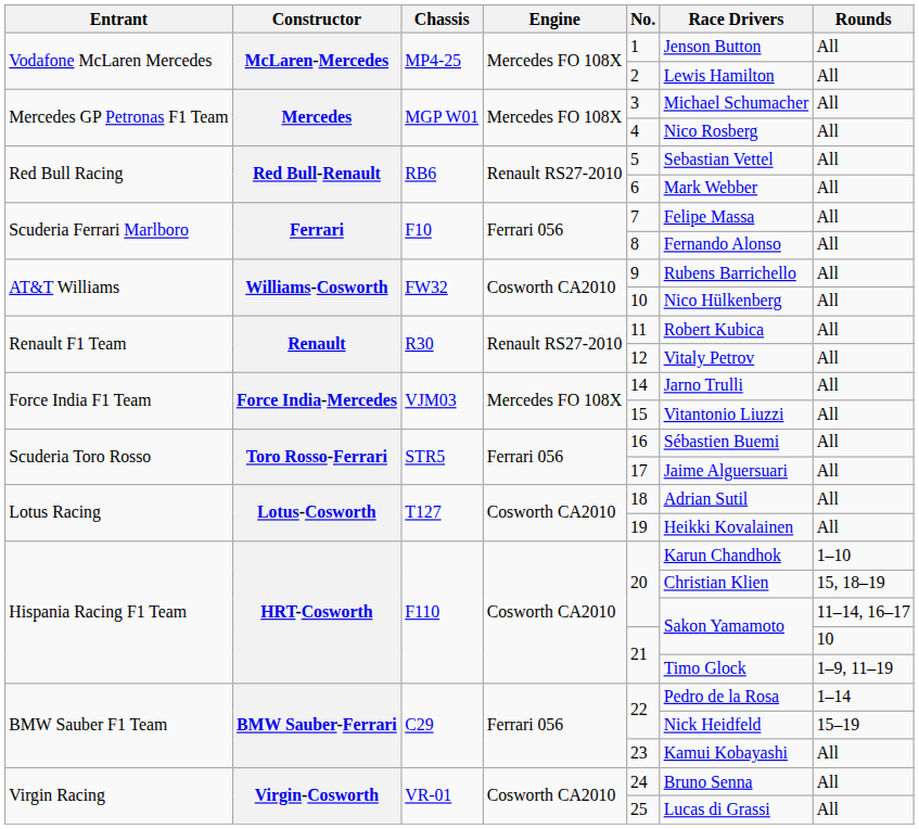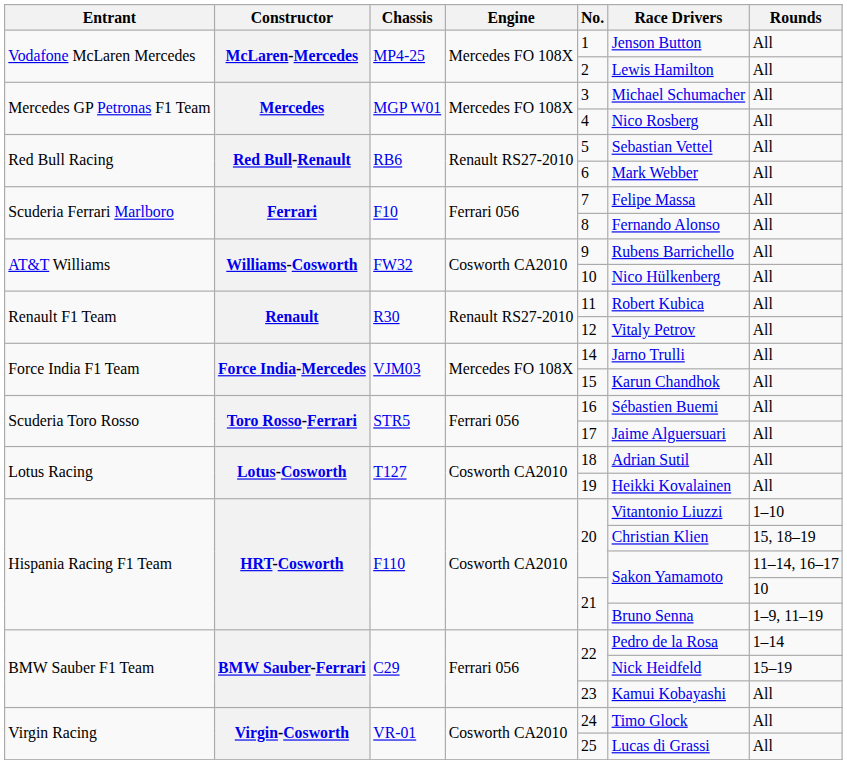 <table class="wikitable sortable" style="font-size:85%;">
 <tr>
 <th>Entrant</th>
 <th>Constructor</th>
 <th>Chassis</th>
 <th>Engine</th>
 <th>No.</th>
 <th>Race Drivers</th>
 <th>Rounds</th>
 </tr>
 <tr>
 <td rowspan=2> <a href='#'>Vodafone</a> McLaren Mercedes</td>
 <th rowspan=2><a href='#'>McLaren</a>-<a href='#'>Mercedes</a></th>
 <td rowspan=2><a href='#'>MP4-25</a></td>
 <td rowspan=2>Mercedes FO 108X</td>
 <td>1</td>
 <td> <a href='#'>Jenson Button</a></td>
 <td>All</td>
 </tr>
 <tr>
 <td>2</td>
 <td> <a href='#'>Lewis Hamilton</a></td>
 <td>All</td>
 </tr>
 <tr>
 <td rowspan=2 nowrap> Mercedes GP <a href='#'>Petronas</a> F1 Team</td>
 <th rowspan=2><a href='#'>Mercedes</a></th>
 <td rowspan=2><a href='#'>MGP W01</a></td>
 <td rowspan=2 nowrap>Mercedes FO 108X</td>
 <td>3</td>
 <td nowrap> <a href='#'>Michael Schumacher</a></td>
 <td>All</td>
 </tr>
 <tr>
 <td>4</td>
 <td> <a href='#'>Nico Rosberg</a></td>
 <td>All</td>
 </tr>
 <tr>
 <td rowspan=2> Red Bull Racing</td>
 <th rowspan=2><a href='#'>Red Bull</a>-<a href='#'>Renault</a></th>
 <td rowspan=2><a href='#'>RB6</a></td>
 <td rowspan=2>Renault RS27-2010</td>
 <td>5</td>
 <td> <a href='#'>Sebastian Vettel</a></td>
 <td>All</td>
 </tr>
 <tr>
 <td>6</td>
 <td> <a href='#'>Mark Webber</a></td>
 <td>All</td>
 </tr>
 <tr>
 <td rowspan=2> Scuderia Ferrari <a href='#'>Marlboro</a></td>
 <th rowspan=2><a href='#'>Ferrari</a></th>
 <td rowspan=2><a href='#'>F10</a></td>
 <td rowspan=2>Ferrari 056</td>
 <td>7</td>
 <td> <a href='#'>Felipe Massa</a></td>
 <td>All</td>
 </tr>
 <tr>
 <td>8</td>
 <td> <a href='#'>Fernando Alonso</a></td>
 <td>All</td>
 </tr>
 <tr>
 <td rowspan=2> <a href='#'>AT&T</a> Williams</td>
 <th rowspan=2><a href='#'>Williams</a>-<a href='#'>Cosworth</a></th>
 <td rowspan=2><a href='#'>FW32</a></td>
 <td rowspan=2>Cosworth CA2010</td>
 <td>9</td>
 <td> <a href='#'>Rubens Barrichello</a></td>
 <td>All</td>
 </tr>
 <tr>
 <td>10</td>
 <td> <a href='#'>Nico Hülkenberg</a></td>
 <td>All</td>
 </tr>
 <tr>
 <td rowspan=2> Renault F1 Team</td>
 <th rowspan=2><a href='#'>Renault</a></th>
 <td rowspan=2><a href='#'>R30</a></td>
 <td rowspan=2>Renault RS27-2010</td>
 <td>11</td>
 <td> <a href='#'>Robert Kubica</a></td>
 <td>All</td>
 </tr>
 <tr>
 <td>12</td>
 <td> <a href='#'>Vitaly Petrov</a></td>
 <td>All</td>
 </tr>
 <tr>
 <td rowspan=2> Force India F1 Team</td>
 <th rowspan=2 nowrap><a href='#'>Force India</a>-<a href='#'>Mercedes</a></th>
 <td rowspan=2><a href='#'>VJM03</a></td>
 <td rowspan=2 nowrap>Mercedes FO 108X</td>
 <td>14</td>
 <td> <a href='#'>Jarno Trulli</a></td>
 <td>All</td>
 </tr>
 <tr>
 <td>15</td>
-<td> <a href='#'>Vitantonio Liuzzi</a></td>
+<td> <a href='#'>Karun Chandhok</a></td>
 <td>All</td>
 </tr>
 <tr>
 <td rowspan=2> Scuderia Toro Rosso</td>
 <th rowspan=2><a href='#'>Toro Rosso</a>-<a href='#'>Ferrari</a></th>
 <td rowspan=2><a href='#'>STR5</a></td>
 <td rowspan=2>Ferrari 056</td>
 <td>16</td>
 <td> <a href='#'>Sébastien Buemi</a></td>
 <td>All</td>
 </tr>
 <tr>
 <td>17</td>
 <td> <a href='#'>Jaime Alguersuari</a></td>
 <td>All</td>
 </tr>
 <tr>
 <td rowspan=2> Lotus Racing</td>
 <th rowspan=2><a href='#'>Lotus</a>-<a href='#'>Cosworth</a></th>
 <td rowspan=2><a href='#'>T127</a></td>
 <td rowspan=2>Cosworth CA2010</td>
 <td>18</td>
 <td> <a href='#'>Adrian Sutil</a></td>
 <td>All</td>
 </tr>
 <tr>
 <td>19</td>
 <td> <a href='#'>Heikki Kovalainen</a></td>
 <td>All</td>
 </tr>
 <tr>
 <td rowspan=5> Hispania Racing F1 Team</td>
 <th rowspan=5><a href='#'>HRT</a>-<a href='#'>Cosworth</a></th>
 <td rowspan=5><a href='#'>F110</a></td>
 <td rowspan=5>Cosworth CA2010</td>
 <td rowspan=3>20</td>
-<td> <a href='#'>Karun Chandhok</a></td>
+<td> <a href='#'>Vitantonio Liuzzi</a></td>
 <td>1–10</td>
 </tr>
 <tr>
 <td> <a href='#'>Christian Klien</a></td>
 <td>15, 18–19</td>
 </tr>
 <tr>
 <td rowspan=2> <a href='#'>Sakon Yamamoto</a></td>
 <td nowrap>11–14, 16–17</td>
 </tr>
 <tr>
 <td rowspan=2>21</td>
 <td>10</td>
 </tr>
 <tr>
-<td> <a href='#'>Timo Glock</a></td>
+<td> <a href='#'>Bruno Senna</a></td>
 <td>1–9, 11–19</td>
 </tr>
 <tr>
 <td rowspan=3> BMW Sauber F1 Team</td>
 <th rowspan=3><a href='#'>BMW Sauber</a>-<a href='#'>Ferrari</a></th>
 <td rowspan=3><a href='#'>C29</a></td>
 <td rowspan=3>Ferrari 056</td>
 <td rowspan=2>22</td>
 <td> <a href='#'>Pedro de la Rosa</a></td>
 <td>1–14</td>
 </tr>
 <tr>
 <td> <a href='#'>Nick Heidfeld</a></td>
 <td>15–19</td>
 </tr>
 <tr>
 <td>23</td>
 <td> <a href='#'>Kamui Kobayashi</a></td>
 <td>All</td>
 </tr>
 <tr>
 <td rowspan=2> Virgin Racing</td>
 <th rowspan=2><a href='#'>Virgin</a>-<a href='#'>Cosworth</a></th>
 <td rowspan=2><a href='#'>VR-01</a></td>
 <td rowspan=2>Cosworth CA2010</td>
 <td>24</td>
-<td> <a href='#'>Bruno Senna</a></td>
+<td> <a href='#'>Timo Glock</a></td>
 <td>All</td>
 </tr>
 <tr>
 <td>25</td>
 <td> <a href='#'>Lucas di Grassi</a></td>
 <td>All</td>
 </tr>
 </table>
